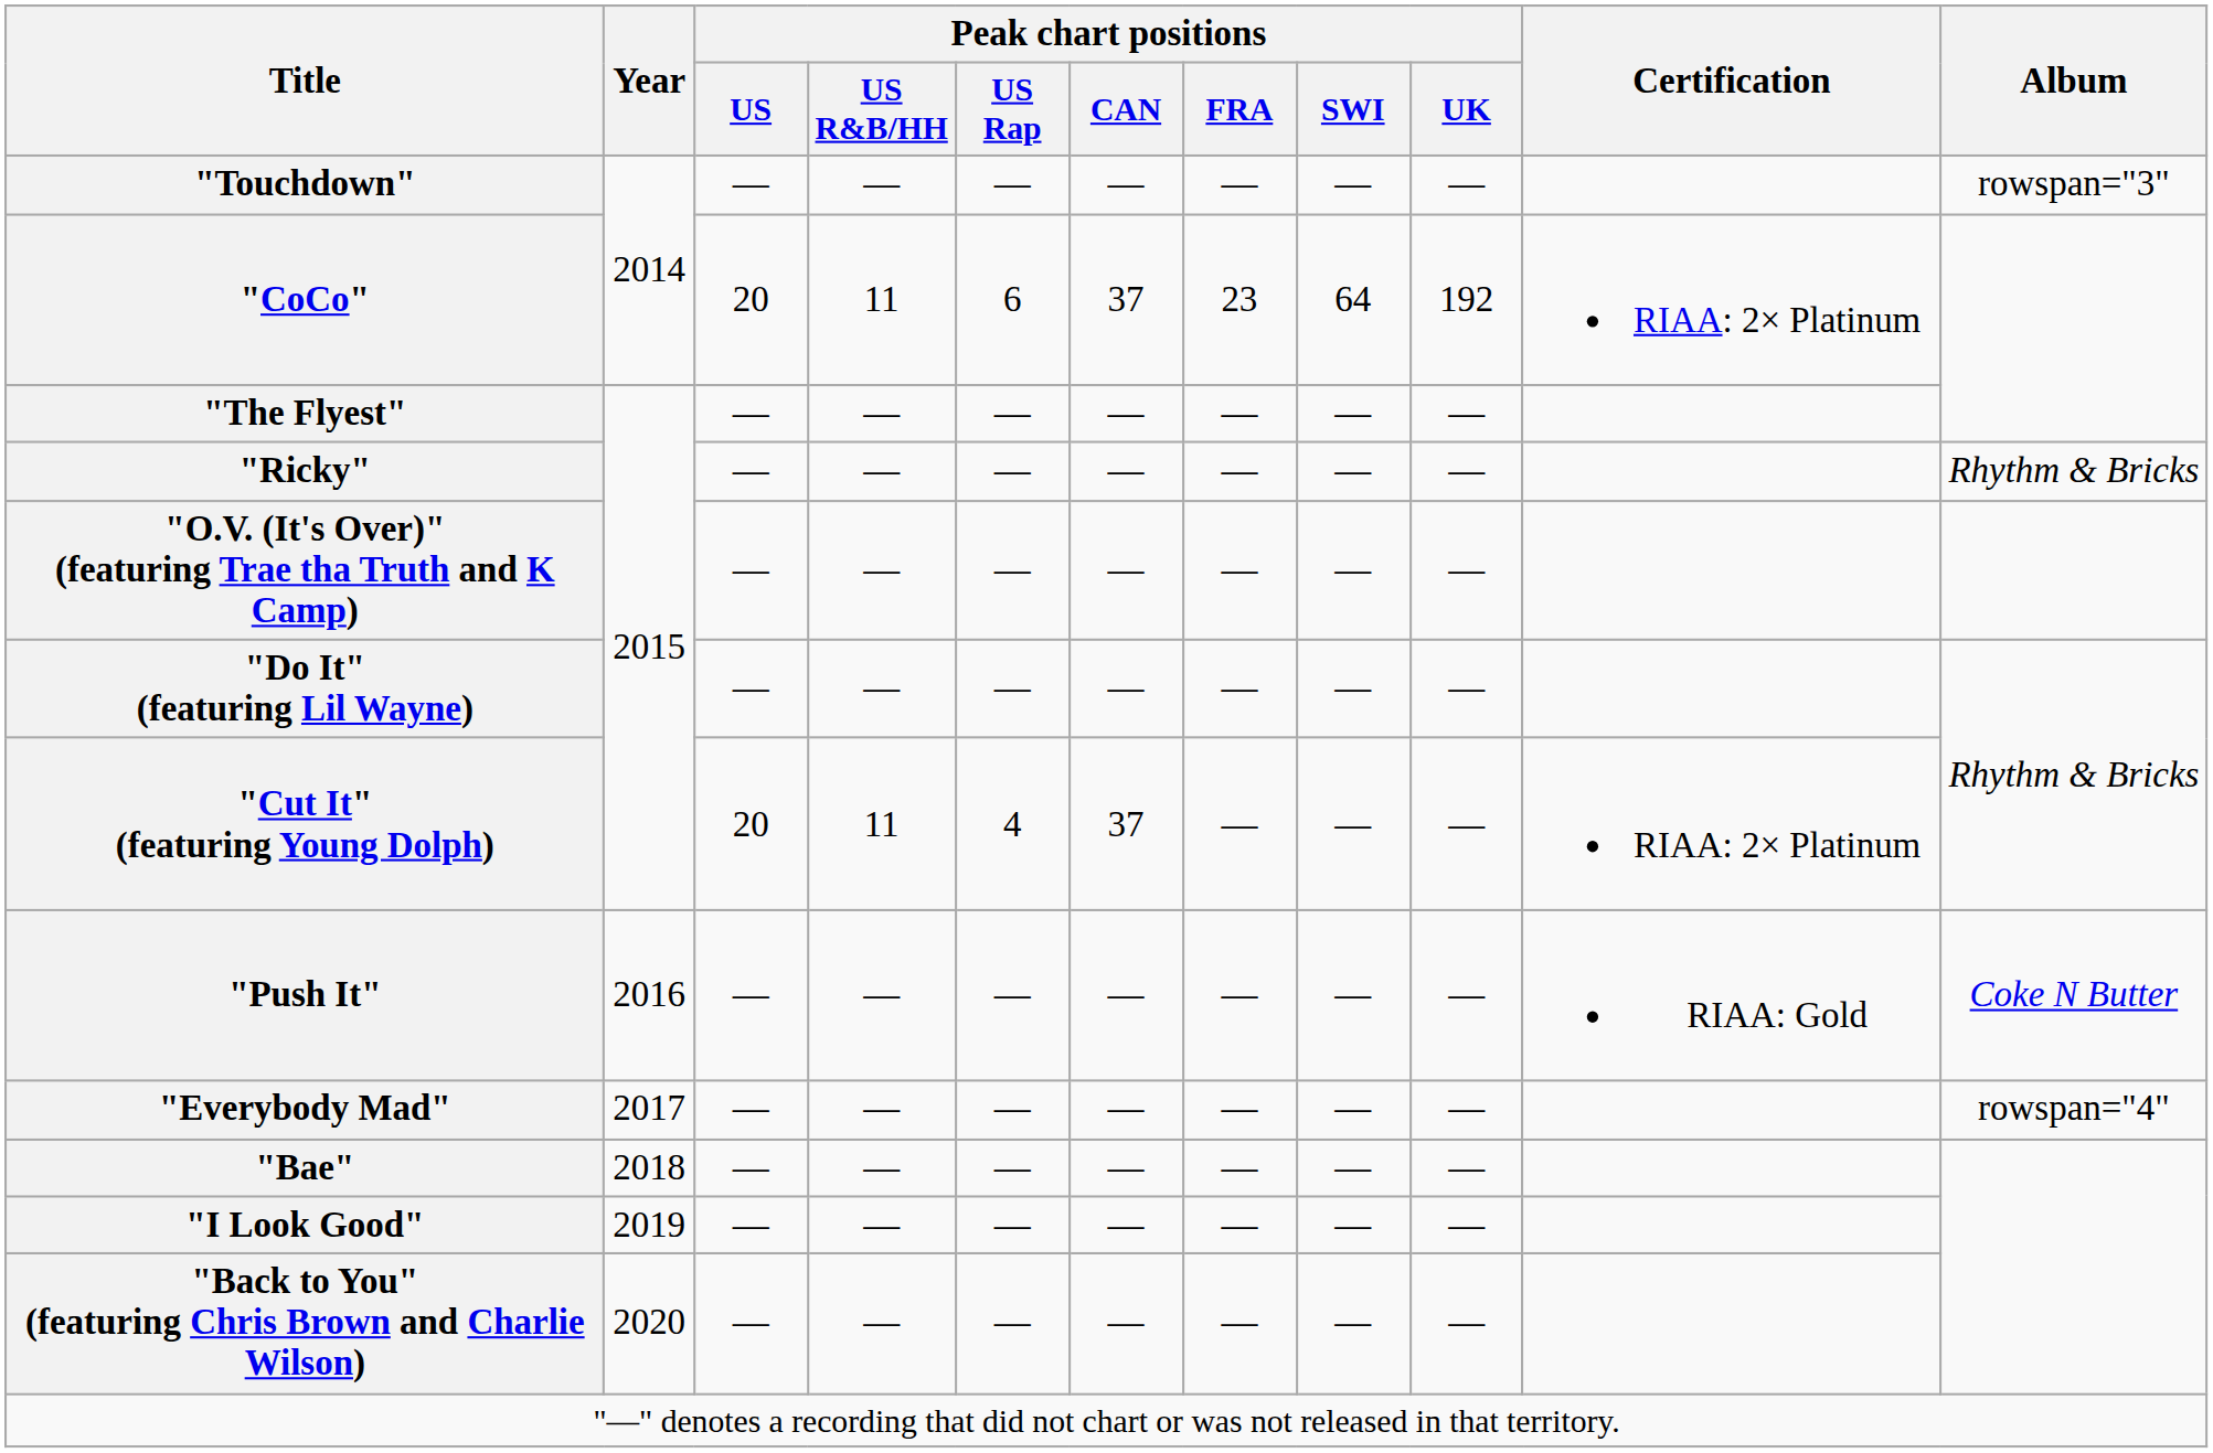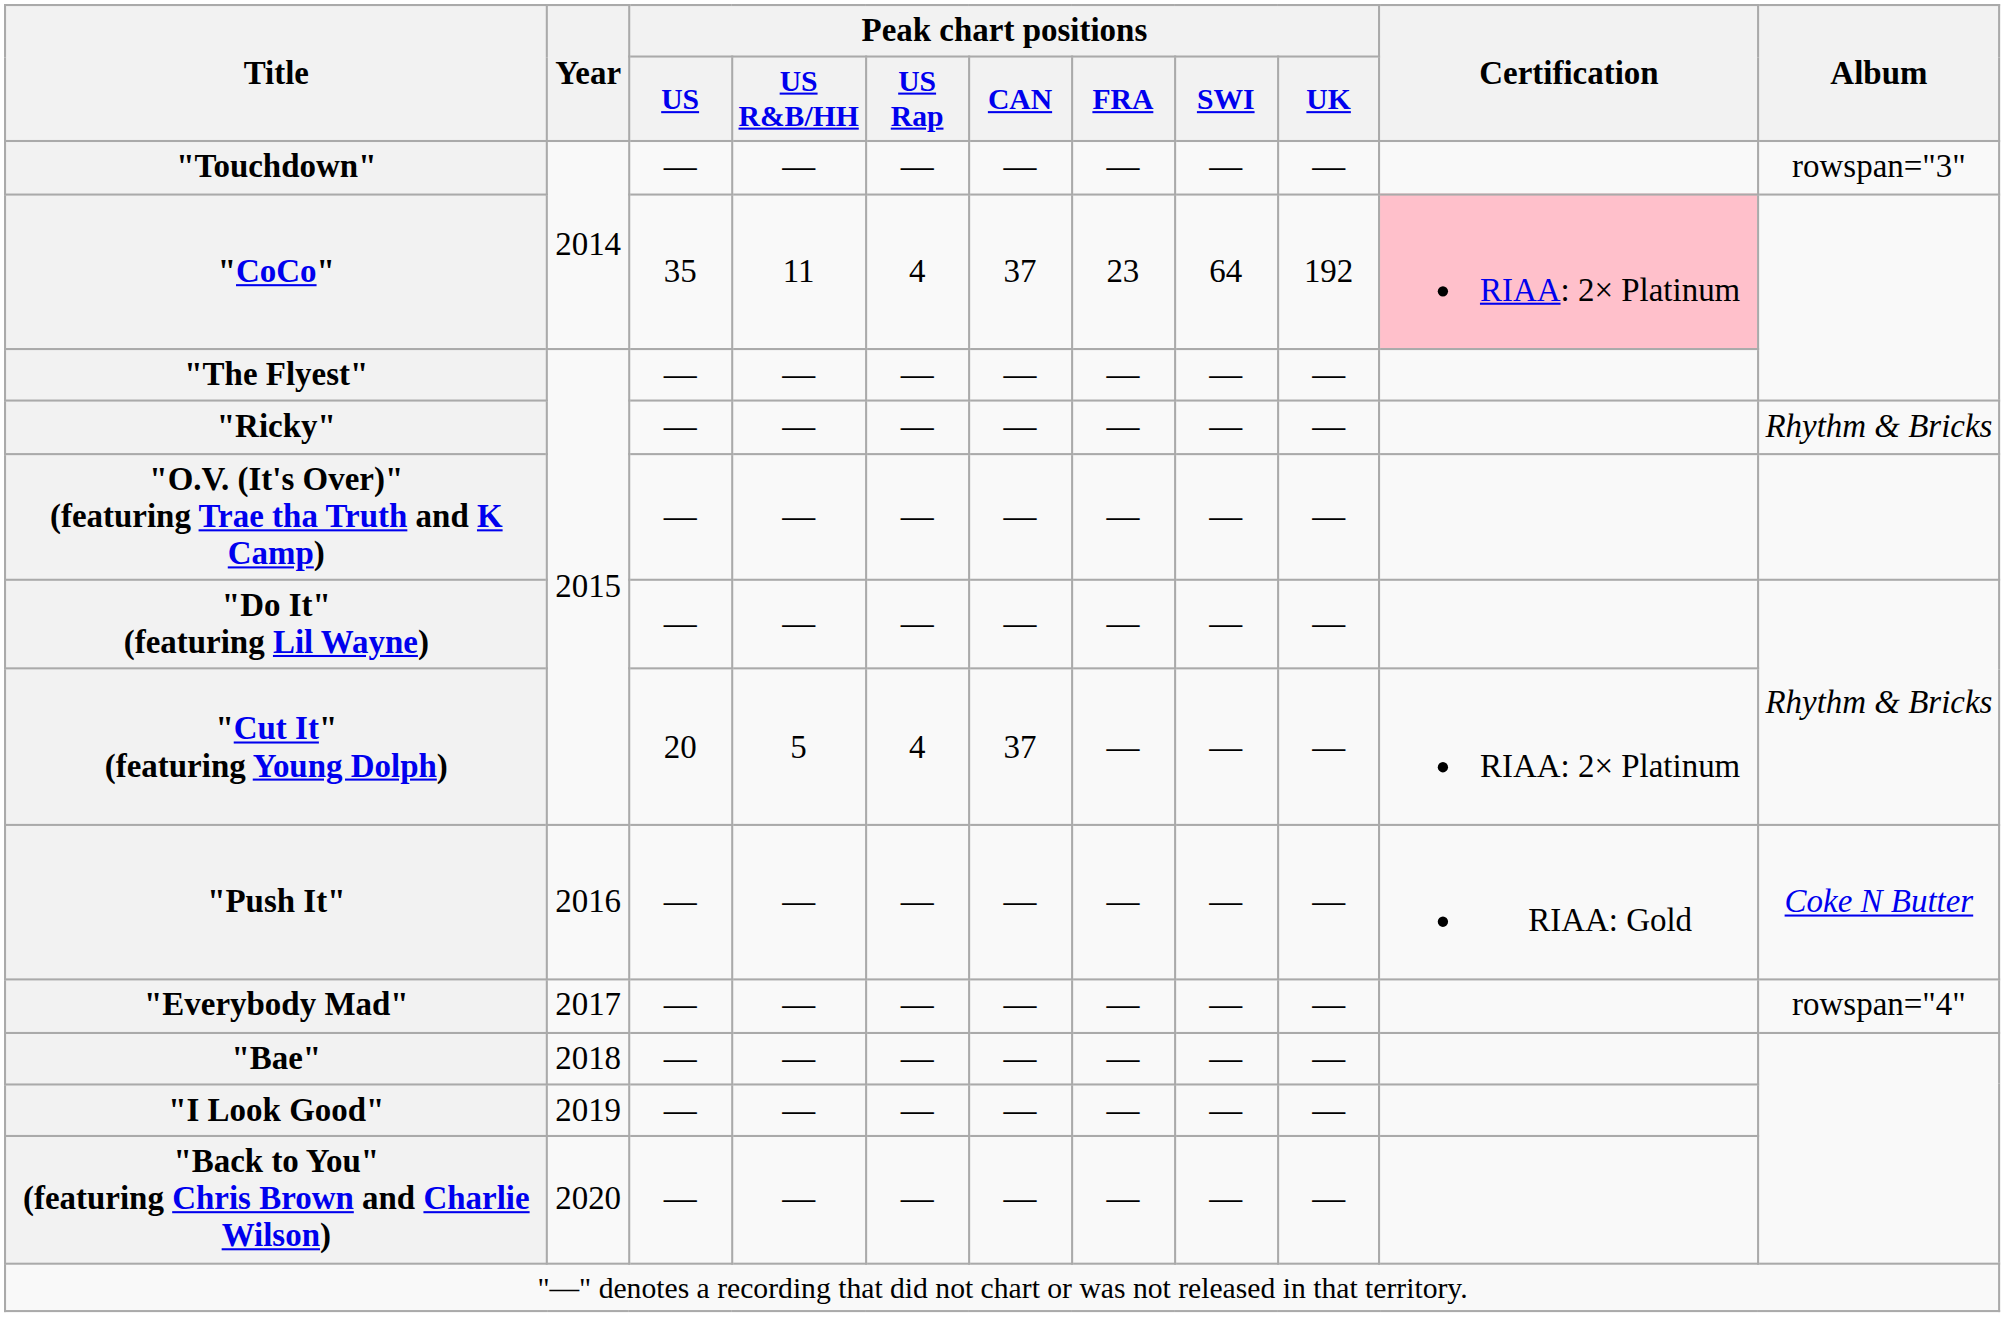 <table class="wikitable plainrowheaders" style="text-align:center;">
 <tr>
 <th scope="col" rowspan="2" style="width:16em;">Title</th>
 <th scope="col" rowspan="2">Year</th>
 <th scope="col" colspan="7">Peak chart positions</th>
 <th scope="col" rowspan="2" style="width:11em;">Certification</th>
 <th scope="col" rowspan="2">Album</th>
 </tr>
 <tr>
 <th scope="col" style="width:3em;font-size:90%;"><a href='#'>US</a><br></th>
 <th scope="col" style="width:3em;font-size:90%;"><a href='#'>US R&B/HH</a><br></th>
 <th scope="col" style="width:3em;font-size:90%;"><a href='#'>US Rap</a><br></th>
 <th scope="col" style="width:3em;font-size:90%;"><a href='#'>CAN</a><br></th>
 <th scope="col" style="width:3em;font-size:90%;"><a href='#'>FRA</a><br></th>
 <th scope="col" style="width:3em;font-size:90%;"><a href='#'>SWI</a><br></th>
 <th scope="col" style="width:3em;font-size:90%;"><a href='#'>UK</a><br></th>
 </tr>
 <tr>
 <th scope="row">"Touchdown"</th>
 <td rowspan="2">2014</td>
 <td>—</td>
 <td>—</td>
 <td>—</td>
 <td>—</td>
 <td>—</td>
 <td>—</td>
 <td>—</td>
 <td></td>
 <td>rowspan="3" </td>
 </tr>
 <tr>
 <th scope="row">"<a href='#'>CoCo</a>"</th>
-<td>20</td>
+<td>35</td>
 <td>11</td>
-<td>6</td>
+<td>4</td>
 <td>37</td>
 <td>23</td>
 <td>64</td>
 <td>192</td>
-<td><br><ul><li><a href='#'>RIAA</a>: 2× Platinum</li></ul></td>
+<td style="background: pink;"><br><ul><li><a href='#'>RIAA</a>: 2× Platinum</li></ul></td>
 </tr>
 <tr>
 <th scope="row">"The Flyest"</th>
 <td rowspan="5">2015</td>
 <td>—</td>
 <td>—</td>
 <td>—</td>
 <td>—</td>
 <td>—</td>
 <td>—</td>
 <td>—</td>
 <td></td>
 </tr>
 <tr>
 <th scope="row">"Ricky"</th>
 <td>—</td>
 <td>—</td>
 <td>—</td>
 <td>—</td>
 <td>—</td>
 <td>—</td>
 <td>—</td>
 <td></td>
 <td><em>Rhythm & Bricks</em></td>
 </tr>
 <tr>
 <th scope="row">"O.V. (It's Over)"<br><span>(featuring <a href='#'>Trae tha Truth</a> and <a href='#'>K Camp</a>)</span></th>
 <td>—</td>
 <td>—</td>
 <td>—</td>
 <td>—</td>
 <td>—</td>
 <td>—</td>
 <td>—</td>
 <td></td>
 <td></td>
 </tr>
 <tr>
 <th scope="row">"Do It"<br><span>(featuring <a href='#'>Lil Wayne</a>)</span></th>
 <td>—</td>
 <td>—</td>
 <td>—</td>
 <td>—</td>
 <td>—</td>
 <td>—</td>
 <td>—</td>
 <td></td>
 <td rowspan="2"><em>Rhythm & Bricks</em></td>
 </tr>
 <tr>
 <th scope="row">"<a href='#'>Cut It</a>"<br><span>(featuring <a href='#'>Young Dolph</a>)</span></th>
 <td>20</td>
-<td>11</td>
+<td>5</td>
 <td>4</td>
 <td>37</td>
 <td>—</td>
 <td>—</td>
 <td>—</td>
 <td><br><ul><li>RIAA: 2× Platinum</li></ul></td>
 </tr>
 <tr>
 <th scope="row">"Push It"</th>
 <td>2016</td>
 <td>—</td>
 <td>—</td>
 <td>—</td>
 <td>—</td>
 <td>—</td>
 <td>—</td>
 <td>—</td>
 <td><br><ul><li>RIAA: Gold</li></ul></td>
 <td><em><a href='#'>Coke N Butter</a></em></td>
 </tr>
 <tr>
 <th scope="row">"Everybody Mad"</th>
 <td>2017</td>
 <td>—</td>
 <td>—</td>
 <td>—</td>
 <td>—</td>
 <td>—</td>
 <td>—</td>
 <td>—</td>
 <td></td>
 <td>rowspan="4" </td>
 </tr>
 <tr>
 <th scope="row">"Bae"</th>
 <td>2018</td>
 <td>—</td>
 <td>—</td>
 <td>—</td>
 <td>—</td>
 <td>—</td>
 <td>—</td>
 <td>—</td>
 <td></td>
 </tr>
 <tr>
 <th scope="row">"I Look Good"</th>
 <td>2019</td>
 <td>—</td>
 <td>—</td>
 <td>—</td>
 <td>—</td>
 <td>—</td>
 <td>—</td>
 <td>—</td>
 <td></td>
 </tr>
 <tr>
 <th scope="row">"Back to You"<br><span>(featuring <a href='#'>Chris Brown</a> and <a href='#'>Charlie Wilson</a>)</span></th>
 <td>2020</td>
 <td>—</td>
 <td>—</td>
 <td>—</td>
 <td>—</td>
 <td>—</td>
 <td>—</td>
 <td>—</td>
 <td></td>
 </tr>
 <tr>
 <td colspan="11" style="font-size:90%">"—" denotes a recording that did not chart or was not released in that territory.</td>
 </tr>
 </table>
